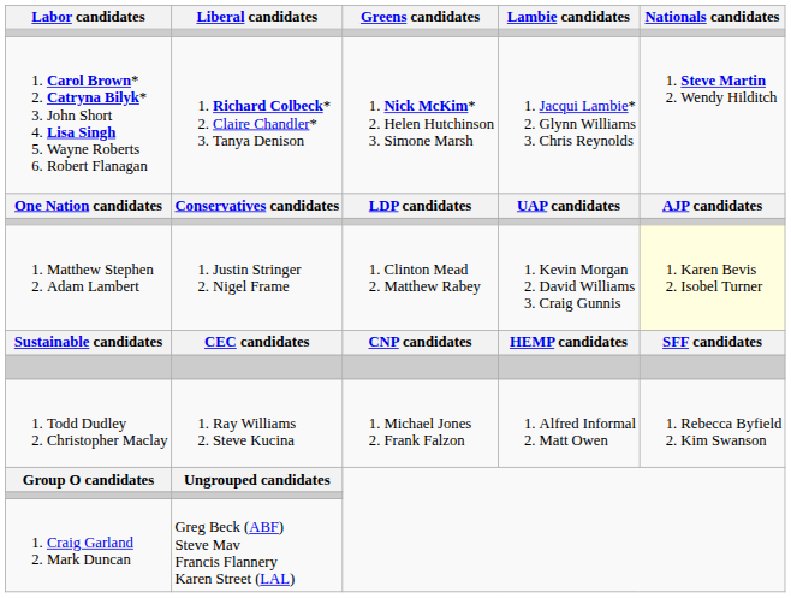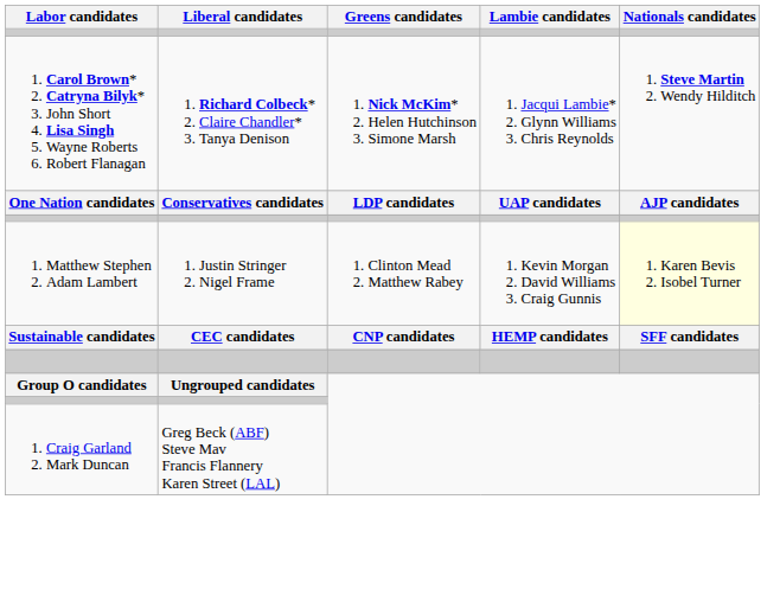 <table class="wikitable">
 <tr>
 <th><a href='#'>Labor</a> candidates</th>
 <th><a href='#'>Liberal</a> candidates</th>
 <th><a href='#'>Greens</a> candidates</th>
 <th><a href='#'>Lambie</a> candidates</th>
 <th><a href='#'>Nationals</a> candidates</th>
 </tr>
 <tr style="background:#ccc;">
 <td></td>
 <td></td>
 <td></td>
 <td></td>
 <td></td>
 </tr>
 <tr>
 <td><br><ol><li><strong><a href='#'>Carol Brown</a></strong>*</li><li><strong><a href='#'>Catryna Bilyk</a></strong>*</li><li>John Short</li><li><strong><a href='#'>Lisa Singh</a></strong></li><li>Wayne Roberts</li><li>Robert Flanagan</li></ol></td>
 <td><br><ol><li><strong><a href='#'>Richard Colbeck</a></strong>*</li><li><a href='#'>Claire Chandler</a>*</li><li>Tanya Denison</li></ol></td>
 <td><br><ol><li><strong><a href='#'>Nick McKim</a></strong>*</li><li>Helen Hutchinson</li><li>Simone Marsh</li></ol></td>
 <td><br><ol><li><a href='#'>Jacqui Lambie</a>*</li><li>Glynn Williams</li><li>Chris Reynolds</li></ol></td>
 <td valign=top><br><ol><li><strong><a href='#'>Steve Martin</a></strong></li><li>Wendy Hilditch</li></ol></td>
 </tr>
 <tr style="background:#ccc;">
 <th><a href='#'>One Nation</a> candidates</th>
 <th><a href='#'>Conservatives</a> candidates</th>
 <th><a href='#'>LDP</a> candidates</th>
 <th><a href='#'>UAP</a> candidates</th>
 <th><a href='#'>AJP</a> candidates</th>
 </tr>
 <tr style="background:#ccc;">
 <td></td>
 <td></td>
 <td></td>
 <td></td>
 <td></td>
 </tr>
 <tr>
 <td valign=top><br><ol><li>Matthew Stephen</li><li>Adam Lambert</li></ol></td>
 <td valign=top><br><ol><li>Justin Stringer</li><li>Nigel Frame</li></ol></td>
 <td valign=top><br><ol><li>Clinton Mead</li><li>Matthew Rabey</li></ol></td>
 <td valign=top><br><ol><li>Kevin Morgan</li><li>David Williams</li><li>Craig Gunnis</li></ol></td>
 <td valign=top style="background: lightyellow;"><br><ol><li>Karen Bevis</li><li>Isobel Turner</li></ol></td>
 </tr>
 <tr style="background:#ccc;">
 <th><a href='#'>Sustainable</a> candidates</th>
 <th><a href='#'>CEC</a> candidates</th>
 <th><a href='#'>CNP</a> candidates</th>
 <th><a href='#'>HEMP</a> candidates</th>
 <th><a href='#'>SFF</a> candidates</th>
 </tr>
 <tr style="background:#ccc;">
 <td></td>
 <td></td>
 <td> </td>
 <td></td>
 <td></td>
 </tr>
-<tr>
-<td valign=top><br><ol><li>Todd Dudley</li><li>Christopher Maclay</li></ol></td>
-<td valign=top><br><ol><li>Ray Williams</li><li>Steve Kucina</li></ol></td>
-<td valign=top><br><ol><li>Michael Jones</li><li>Frank Falzon</li></ol></td>
-<td valign=top><br><ol><li>Alfred Informal</li><li>Matt Owen</li></ol></td>
-<td valign=top><br><ol><li>Rebecca Byfield</li><li>Kim Swanson</li></ol></td>
-</tr>
 <tr style="background:#ccc;">
 <th>Group O candidates</th>
 <th>Ungrouped candidates</th>
 </tr>
 <tr style="background:#ccc;">
 <td></td>
 <td></td>
 </tr>
 <tr>
 <td valign=top><br><ol><li><a href='#'>Craig Garland</a></li><li>Mark Duncan</li></ol></td>
 <td valign=top><br>Greg Beck (<a href='#'>ABF</a>)<br> Steve Mav<br> Francis Flannery<br> Karen Street (<a href='#'>LAL</a>)<br></td>
 </tr>
 </table>
